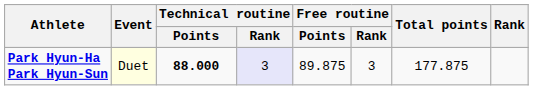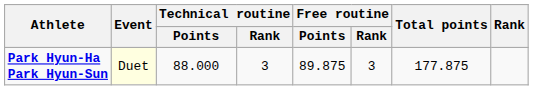 <table class=wikitable style="font-size:90%; text-align:center">
 <tr>
 <th rowspan="2">Athlete</th>
 <th rowspan="2">Event</th>
 <th colspan="2">Technical routine</th>
 <th colspan="2">Free routine</th>
 <th rowspan="2">Total points</th>
 <th rowspan="2">Rank</th>
 </tr>
 <tr>
 <th>Points</th>
 <th>Rank</th>
 <th>Points</th>
 <th>Rank</th>
 </tr>
 <tr>
 <td align=left><strong><a href='#'>Park Hyun-Ha</a><br> <a href='#'>Park Hyun-Sun</a></strong></td>
 <td style="background: lightyellow;">Duet</td>
-<td><strong>88.000</strong></td>
-<td style="background: lavender;">3</td>
+<td>88.000</td>
+<td>3</td>
 <td>89.875</td>
 <td>3</td>
 <td>177.875</td>
 <td></td>
 </tr>
 </table>
